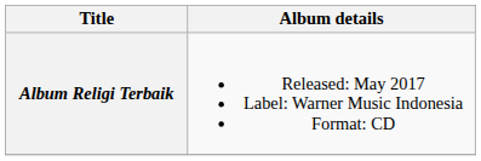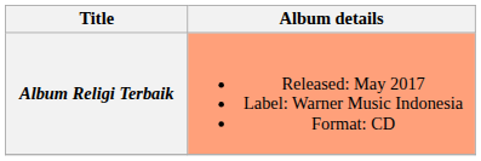 <table class="wikitable plainrowheaders" style="text-align:center;">
 <tr>
 <th scope="col" style="width:10em;">Title</th>
 <th scope="col" style="width:16em;">Album details</th>
 </tr>
 <tr>
 <th scope="row"><em>Album Religi Terbaik</em></th>
-<td><br><ul><li>Released: May 2017</li><li>Label: Warner Music Indonesia</li><li>Format: CD</li></ul></td>
+<td style="background: lightsalmon;"><br><ul><li>Released: May 2017</li><li>Label: Warner Music Indonesia</li><li>Format: CD</li></ul></td>
 </tr>
 <tr>
 </tr>
 </table>
